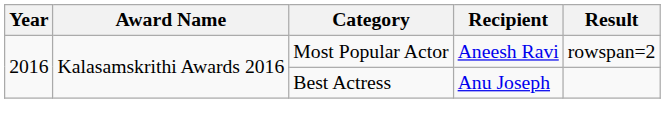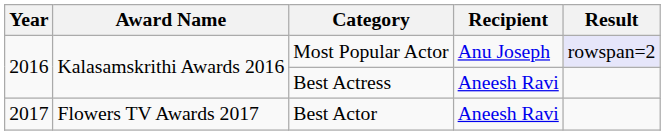 <table class="wikitable plainrowheaders">
 <tr>
 <th scope="col">Year</th>
 <th scope="col">Award Name</th>
 <th scope="col">Category</th>
 <th scope="col">Recipient</th>
 <th scope="col">Result</th>
 </tr>
 <tr>
 <td rowspan=2>2016</td>
 <td rowspan=2>Kalasamskrithi Awards 2016</td>
 <td>Most Popular Actor</td>
-<td><a href='#'>Aneesh Ravi</a></td>
-<td>rowspan=2 </td>
+<td><a href='#'>Anu Joseph</a></td>
+<td style="background: lavender;">rowspan=2 </td>
 </tr>
 <tr>
 <td>Best Actress</td>
-<td><a href='#'>Anu Joseph</a></td>
+<td><a href='#'>Aneesh Ravi</a></td>
+</tr>
+<tr>
+<td>2017</td>
+<td>Flowers TV Awards 2017</td>
+<td>Best Actor</td>
+<td><a href='#'>Aneesh Ravi</a></td>
+<td></td>
 </tr>
 </table>
